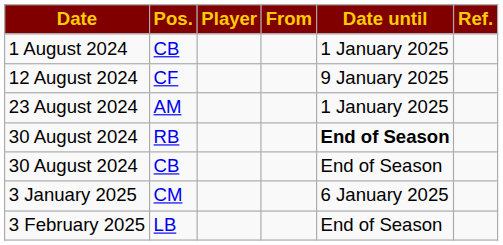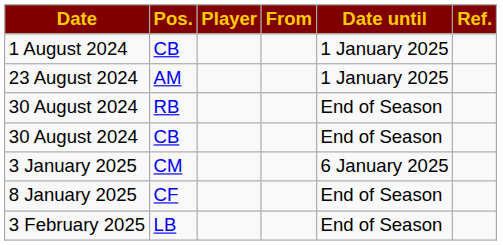 <table class="wikitable plainrowheaders sortable">
 <tr>
 <th style="color:#FFCC00; background:#800000; ">Date</th>
 <th style="color:#FFCC00; background:#800000; ">Pos.</th>
 <th style="color:#FFCC00; background:#800000; ">Player</th>
 <th style="color:#FFCC00; background:#800000; ">From</th>
 <th style="color:#FFCC00; background:#800000; ">Date until</th>
 <th style="color:#FFCC00; background:#800000; ">Ref.</th>
 </tr>
 <tr>
 <td>1 August 2024</td>
 <td><a href='#'>CB</a></td>
 <td></td>
 <td></td>
 <td>1 January 2025</td>
 <td></td>
 </tr>
 <tr>
-<td>12 August 2024</td>
-<td><a href='#'>CF</a></td>
-<td></td>
-<td></td>
-<td>9 January 2025</td>
-<td></td>
-</tr>
-<tr>
 <td>23 August 2024</td>
 <td><a href='#'>AM</a></td>
 <td></td>
 <td></td>
 <td>1 January 2025</td>
 <td></td>
 </tr>
 <tr>
 <td>30 August 2024</td>
 <td><a href='#'>RB</a></td>
 <td></td>
 <td></td>
-<td><strong>End of Season</strong></td>
+<td>End of Season</td>
 <td></td>
 </tr>
 <tr>
 <td>30 August 2024</td>
 <td><a href='#'>CB</a></td>
 <td></td>
 <td></td>
 <td>End of Season</td>
 <td></td>
 </tr>
 <tr>
 <td>3 January 2025</td>
 <td><a href='#'>CM</a></td>
 <td></td>
 <td></td>
 <td>6 January 2025</td>
 <td></td>
 </tr>
 <tr>
+<td>8 January 2025</td>
+<td><a href='#'>CF</a></td>
+<td></td>
+<td></td>
+<td>End of Season</td>
+<td></td>
+</tr>
+<tr>
 <td>3 February 2025</td>
 <td><a href='#'>LB</a></td>
 <td></td>
 <td></td>
 <td>End of Season</td>
 <td></td>
 </tr>
 </table>
